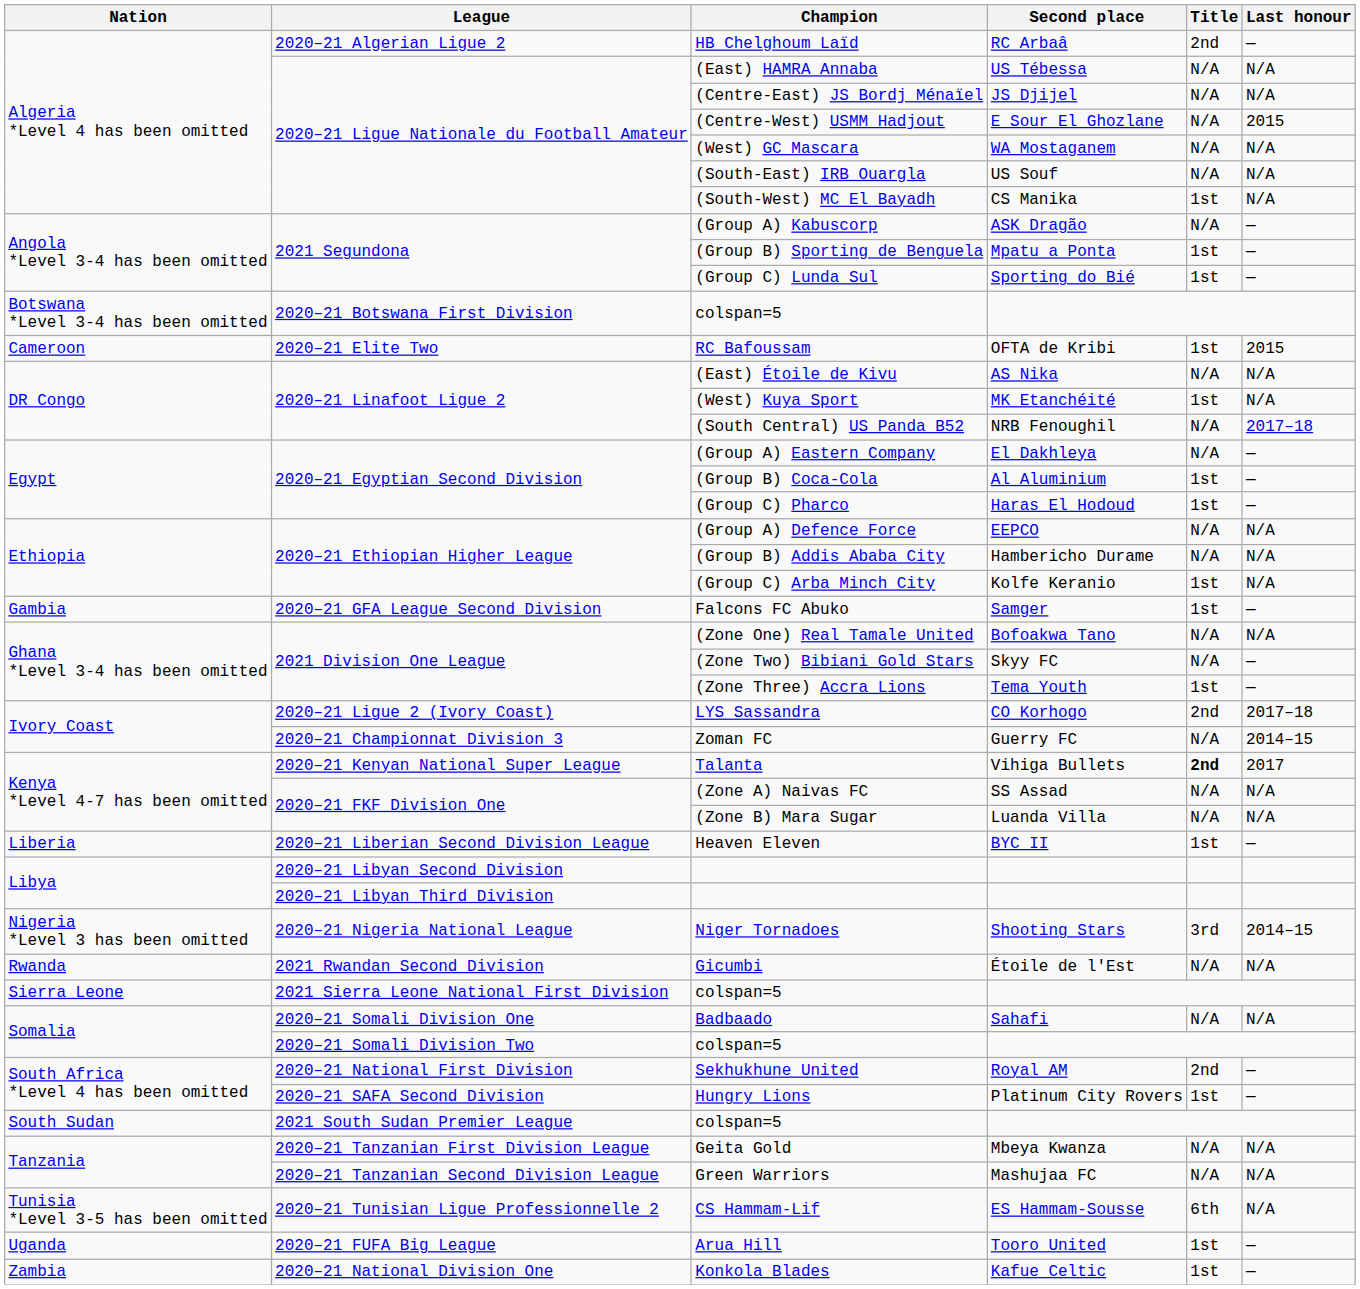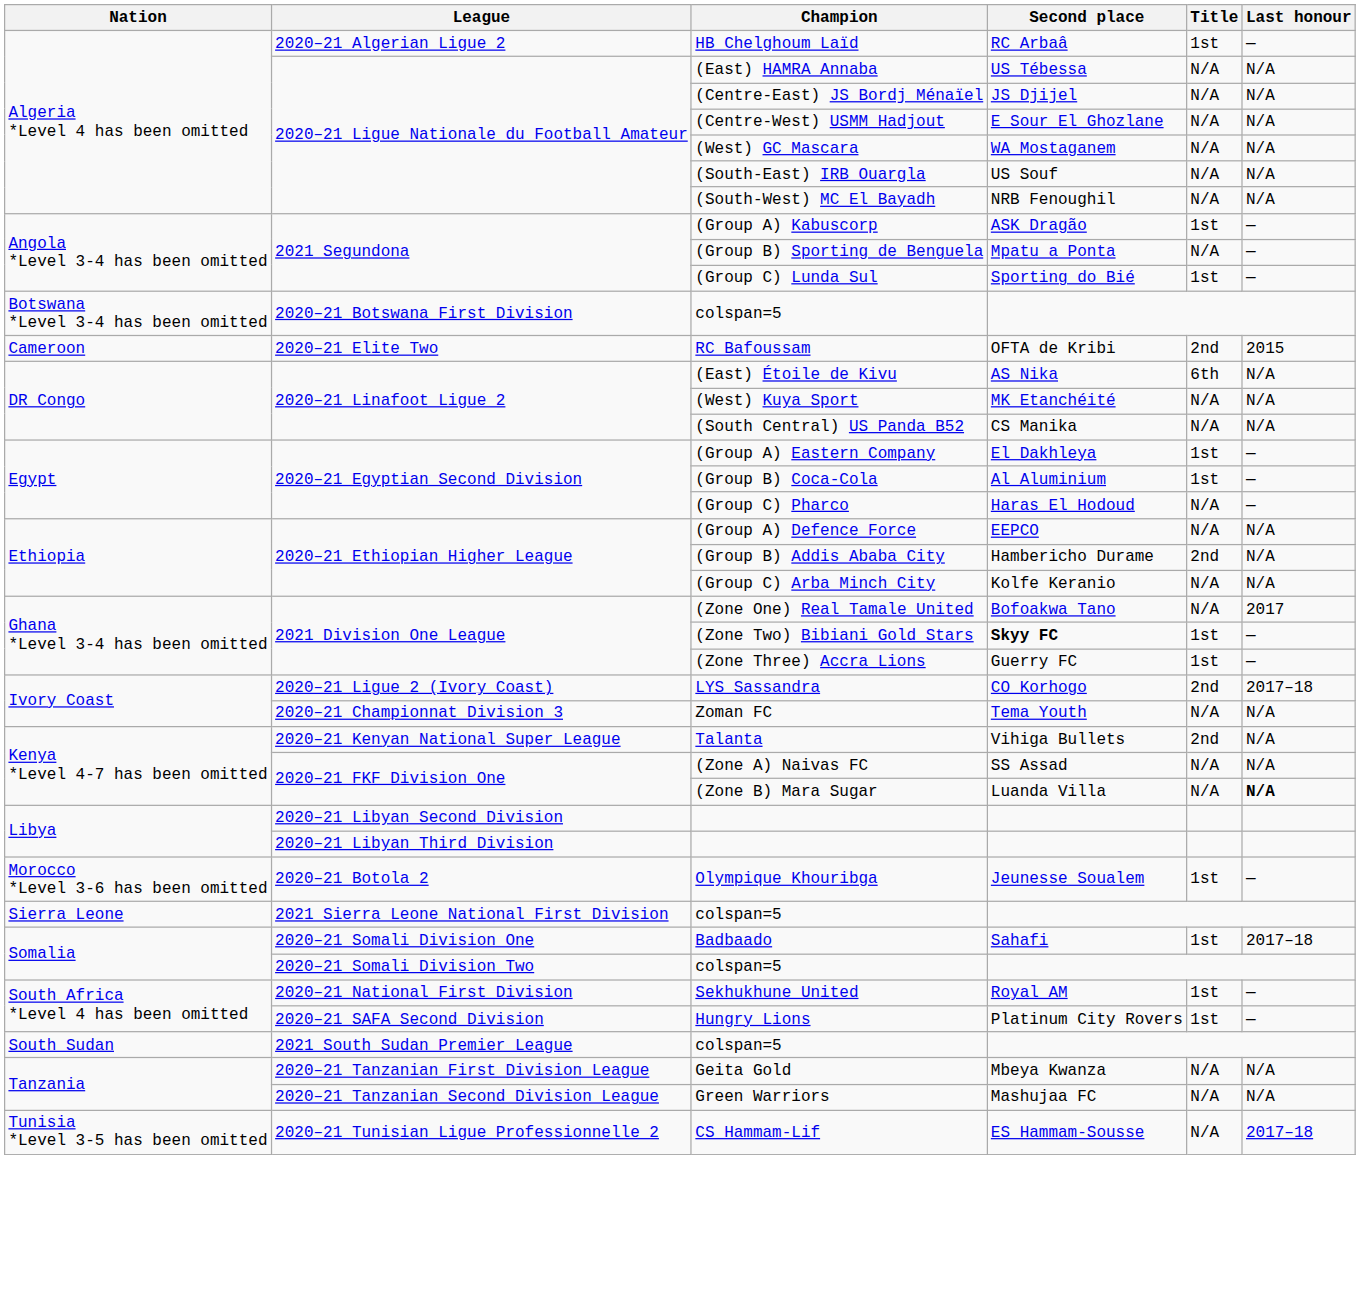 <table class="wikitable sortable">
 <tr>
 <th>Nation</th>
 <th>League</th>
 <th>Champion</th>
 <th>Second place</th>
 <th data-sort-type="number">Title</th>
 <th>Last honour</th>
 </tr>
 <tr>
 <td rowspan="7"> <a href='#'>Algeria</a> <br>*Level 4 has been omitted</td>
 <td><a href='#'>2020–21 Algerian Ligue 2</a></td>
 <td><a href='#'>HB Chelghoum Laïd</a></td>
 <td><a href='#'>RC Arbaâ</a></td>
-<td>2nd</td>
+<td>1st</td>
 <td>—</td>
 </tr>
 <tr>
 <td rowspan="6"><a href='#'>2020–21 Ligue Nationale du Football Amateur</a></td>
 <td>(East) <a href='#'>HAMRA Annaba</a></td>
 <td><a href='#'>US Tébessa</a></td>
 <td>N/A</td>
 <td>N/A</td>
 </tr>
 <tr>
 <td>(Centre-East) <a href='#'>JS Bordj Ménaïel</a></td>
 <td><a href='#'>JS Djijel</a></td>
 <td>N/A</td>
 <td>N/A</td>
 </tr>
 <tr>
 <td>(Centre-West) <a href='#'>USMM Hadjout</a></td>
 <td><a href='#'>E Sour El Ghozlane</a></td>
 <td>N/A</td>
-<td>2015</td>
+<td>N/A</td>
 </tr>
 <tr>
 <td>(West) <a href='#'>GC Mascara</a></td>
 <td><a href='#'>WA Mostaganem</a></td>
 <td>N/A</td>
 <td>N/A</td>
 </tr>
 <tr>
 <td>(South-East) <a href='#'>IRB Ouargla</a></td>
 <td>US Souf</td>
 <td>N/A</td>
 <td>N/A</td>
 </tr>
 <tr>
 <td>(South-West) <a href='#'>MC El Bayadh</a></td>
-<td>CS Manika</td>
-<td>1st</td>
+<td>NRB Fenoughil</td>
+<td>N/A</td>
 <td>N/A</td>
 </tr>
 <tr>
 <td rowspan="3"> <a href='#'>Angola</a> <br>*Level 3-4 has been omitted</td>
 <td rowspan="3"><a href='#'>2021 Segundona</a></td>
 <td>(Group A) <a href='#'>Kabuscorp</a></td>
 <td><a href='#'>ASK Dragão</a></td>
-<td>N/A</td>
+<td>1st</td>
 <td>—</td>
 </tr>
 <tr>
 <td>(Group B) <a href='#'>Sporting de Benguela</a></td>
 <td><a href='#'>Mpatu a Ponta</a></td>
-<td>1st</td>
+<td>N/A</td>
 <td>—</td>
 </tr>
 <tr>
 <td>(Group C) <a href='#'>Lunda Sul</a></td>
 <td><a href='#'>Sporting do Bié</a></td>
 <td>1st</td>
 <td>—</td>
 </tr>
 <tr>
 <td> <a href='#'>Botswana</a> <br>*Level 3-4 has been omitted</td>
 <td><a href='#'>2020–21 Botswana First Division</a></td>
 <td>colspan=5 </td>
 </tr>
 <tr>
 <td> <a href='#'>Cameroon</a></td>
 <td><a href='#'>2020–21 Elite Two</a></td>
 <td><a href='#'>RC Bafoussam</a></td>
 <td>OFTA de Kribi</td>
-<td>1st</td>
+<td>2nd</td>
 <td>2015</td>
 </tr>
 <tr>
 <td rowspan="3"> <a href='#'>DR Congo</a></td>
 <td rowspan="3"><a href='#'>2020–21 Linafoot Ligue 2</a></td>
 <td>(East) <a href='#'>Étoile de Kivu</a></td>
 <td><a href='#'>AS Nika</a></td>
-<td>N/A</td>
+<td>6th</td>
 <td>N/A</td>
 </tr>
 <tr>
 <td>(West) <a href='#'>Kuya Sport</a></td>
 <td><a href='#'>MK Etanchéité</a></td>
-<td>1st</td>
+<td>N/A</td>
 <td>N/A</td>
 </tr>
 <tr>
 <td>(South Central) <a href='#'>US Panda B52</a></td>
-<td>NRB Fenoughil</td>
+<td>CS Manika</td>
 <td>N/A</td>
-<td><a href='#'>2017–18</a></td>
+<td>N/A</td>
 </tr>
 <tr>
 <td rowspan="3"> <a href='#'>Egypt</a></td>
 <td rowspan="3"><a href='#'>2020–21 Egyptian Second Division</a></td>
 <td>(Group A) <a href='#'>Eastern Company</a></td>
 <td><a href='#'>El Dakhleya</a></td>
-<td>N/A</td>
+<td>1st</td>
 <td>—</td>
 </tr>
 <tr>
 <td>(Group B) <a href='#'>Coca-Cola</a></td>
 <td><a href='#'>Al Aluminium</a></td>
 <td>1st</td>
 <td>—</td>
 </tr>
 <tr>
 <td>(Group C) <a href='#'>Pharco</a></td>
 <td><a href='#'>Haras El Hodoud</a></td>
-<td>1st</td>
+<td>N/A</td>
 <td>—</td>
 </tr>
 <tr>
 <td rowspan="3"> <a href='#'>Ethiopia</a></td>
 <td rowspan="3"><a href='#'>2020–21 Ethiopian Higher League</a></td>
 <td>(Group A) <a href='#'>Defence Force</a></td>
 <td><a href='#'>EEPCO</a></td>
 <td>N/A</td>
 <td>N/A</td>
 </tr>
 <tr>
 <td>(Group B) <a href='#'>Addis Ababa City</a></td>
 <td>Hambericho Durame</td>
-<td>N/A</td>
+<td>2nd</td>
 <td>N/A</td>
 </tr>
 <tr>
 <td>(Group C) <a href='#'>Arba Minch City</a></td>
 <td>Kolfe Keranio</td>
-<td>1st</td>
 <td>N/A</td>
-</tr>
-<tr>
-<td> <a href='#'>Gambia</a></td>
-<td><a href='#'>2020–21 GFA League Second Division</a></td>
-<td>Falcons FC Abuko</td>
-<td><a href='#'>Samger</a></td>
-<td>1st</td>
-<td>—</td>
+<td>N/A</td>
 </tr>
 <tr>
 <td rowspan="3"> <a href='#'>Ghana</a> <br>*Level 3-4 has been omitted</td>
 <td rowspan="3"><a href='#'>2021 Division One League</a></td>
 <td>(Zone One) <a href='#'>Real Tamale United</a></td>
 <td><a href='#'>Bofoakwa Tano</a></td>
 <td>N/A</td>
-<td>N/A</td>
+<td>2017</td>
 </tr>
 <tr>
 <td>(Zone Two) <a href='#'>Bibiani Gold Stars</a></td>
-<td>Skyy FC</td>
-<td>N/A</td>
+<td><strong>Skyy FC</strong></td>
+<td>1st</td>
 <td>—</td>
 </tr>
 <tr>
 <td>(Zone Three) <a href='#'>Accra Lions</a></td>
-<td><a href='#'>Tema Youth</a></td>
+<td>Guerry FC</td>
 <td>1st</td>
 <td>—</td>
 </tr>
 <tr>
 <td rowspan="2"> <a href='#'>Ivory Coast</a></td>
 <td><a href='#'>2020–21 Ligue 2 (Ivory Coast)</a></td>
 <td><a href='#'>LYS Sassandra</a></td>
 <td><a href='#'>CO Korhogo</a></td>
 <td>2nd</td>
 <td>2017–18</td>
 </tr>
 <tr>
 <td><a href='#'>2020–21 Championnat Division 3</a></td>
 <td>Zoman FC</td>
-<td>Guerry FC</td>
+<td><a href='#'>Tema Youth</a></td>
 <td>N/A</td>
-<td>2014–15</td>
+<td>N/A</td>
 </tr>
 <tr>
 <td rowspan="3"> <a href='#'>Kenya</a> <br>*Level 4-7 has been omitted</td>
 <td><a href='#'>2020–21 Kenyan National Super League</a></td>
 <td><a href='#'>Talanta</a></td>
 <td>Vihiga Bullets</td>
-<td><strong>2nd</strong></td>
-<td>2017</td>
+<td>2nd</td>
+<td>N/A</td>
 </tr>
 <tr>
 <td rowspan="2"><a href='#'>2020–21 FKF Division One</a></td>
 <td>(Zone A) Naivas FC</td>
 <td>SS Assad</td>
 <td>N/A</td>
 <td>N/A</td>
 </tr>
 <tr>
 <td>(Zone B) Mara Sugar</td>
 <td>Luanda Villa</td>
 <td>N/A</td>
-<td>N/A</td>
-</tr>
-<tr>
-<td> <a href='#'>Liberia</a></td>
-<td><a href='#'>2020–21 Liberian Second Division League</a></td>
-<td>Heaven Eleven</td>
-<td><a href='#'>BYC II</a></td>
-<td>1st</td>
-<td>—</td>
+<td><strong>N/A</strong></td>
 </tr>
 <tr>
 <td rowspan="2"> <a href='#'>Libya</a></td>
 <td><a href='#'>2020–21 Libyan Second Division</a></td>
 <td></td>
 <td></td>
 <td></td>
 <td></td>
 </tr>
 <tr>
 <td><a href='#'>2020–21 Libyan Third Division</a></td>
 <td></td>
 <td></td>
 <td></td>
 <td></td>
 </tr>
 <tr>
-<td> <a href='#'>Nigeria</a> <br>*Level 3 has been omitted</td>
-<td><a href='#'>2020–21 Nigeria National League</a></td>
-<td><a href='#'>Niger Tornadoes</a></td>
-<td><a href='#'>Shooting Stars</a></td>
-<td>3rd</td>
-<td>2014–15</td>
-</tr>
-<tr>
-<td> <a href='#'>Rwanda</a></td>
-<td><a href='#'>2021 Rwandan Second Division</a></td>
-<td><a href='#'>Gicumbi</a></td>
-<td>Étoile de l'Est</td>
-<td>N/A</td>
-<td>N/A</td>
+<td> <a href='#'>Morocco</a> <br>*Level 3-6 has been omitted</td>
+<td><a href='#'>2020–21 Botola 2</a></td>
+<td><a href='#'>Olympique Khouribga</a></td>
+<td><a href='#'>Jeunesse Soualem</a></td>
+<td>1st</td>
+<td>—</td>
 </tr>
 <tr>
 <td> <a href='#'>Sierra Leone</a></td>
 <td><a href='#'>2021 Sierra Leone National First Division</a></td>
 <td>colspan=5 </td>
 </tr>
 <tr>
 <td rowspan="2"> <a href='#'>Somalia</a></td>
 <td><a href='#'>2020–21 Somali Division One</a></td>
 <td><a href='#'>Badbaado</a></td>
 <td><a href='#'>Sahafi</a></td>
-<td>N/A</td>
-<td>N/A</td>
+<td>1st</td>
+<td>2017–18</td>
 </tr>
 <tr>
 <td><a href='#'>2020–21 Somali Division Two</a></td>
 <td>colspan=5 </td>
 </tr>
 <tr>
 <td rowspan="2"> <a href='#'>South Africa</a> <br>*Level 4 has been omitted</td>
 <td><a href='#'>2020–21 National First Division</a></td>
 <td><a href='#'>Sekhukhune United</a></td>
 <td><a href='#'>Royal AM</a></td>
-<td>2nd</td>
+<td>1st</td>
 <td>—</td>
 </tr>
 <tr>
 <td><a href='#'>2020–21 SAFA Second Division</a></td>
 <td><a href='#'>Hungry Lions</a></td>
 <td>Platinum City Rovers</td>
 <td>1st</td>
 <td>—</td>
 </tr>
 <tr>
 <td> <a href='#'>South Sudan</a></td>
 <td><a href='#'>2021 South Sudan Premier League</a></td>
 <td>colspan=5 </td>
 </tr>
 <tr>
 <td rowspan="2"> <a href='#'>Tanzania</a></td>
 <td><a href='#'>2020–21 Tanzanian First Division League</a></td>
 <td>Geita Gold</td>
 <td>Mbeya Kwanza</td>
 <td>N/A</td>
 <td>N/A</td>
 </tr>
 <tr>
 <td><a href='#'>2020–21 Tanzanian Second Division League</a></td>
 <td>Green Warriors</td>
 <td>Mashujaa FC</td>
 <td>N/A</td>
 <td>N/A</td>
 </tr>
 <tr>
 <td> <a href='#'>Tunisia</a> <br>*Level 3-5 has been omitted</td>
 <td><a href='#'>2020–21 Tunisian Ligue Professionnelle 2</a></td>
 <td><a href='#'>CS Hammam-Lif</a></td>
 <td><a href='#'>ES Hammam-Sousse</a></td>
-<td>6th</td>
 <td>N/A</td>
-</tr>
-<tr>
-<td> <a href='#'>Uganda</a></td>
-<td><a href='#'>2020–21 FUFA Big League</a></td>
-<td><a href='#'>Arua Hill</a></td>
-<td><a href='#'>Tooro United</a></td>
-<td>1st</td>
-<td>—</td>
-</tr>
-<tr>
-<td> <a href='#'>Zambia</a></td>
-<td><a href='#'>2020–21 National Division One</a></td>
-<td><a href='#'>Konkola Blades</a></td>
-<td><a href='#'>Kafue Celtic</a></td>
-<td>1st</td>
-<td>—</td>
+<td><a href='#'>2017–18</a></td>
 </tr>
 </table>
